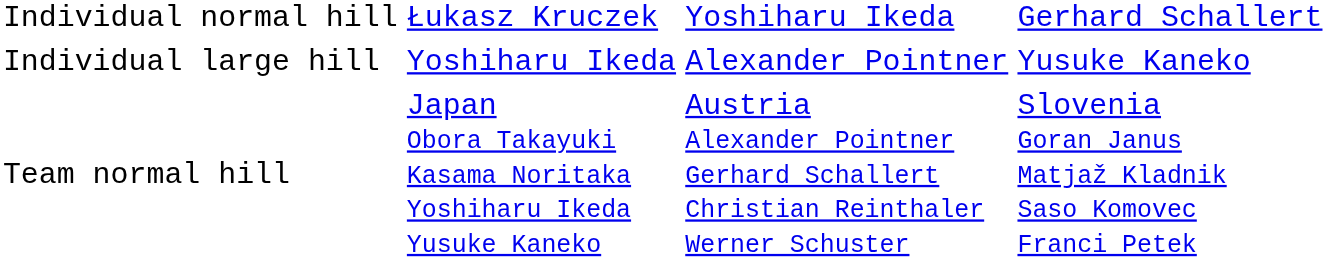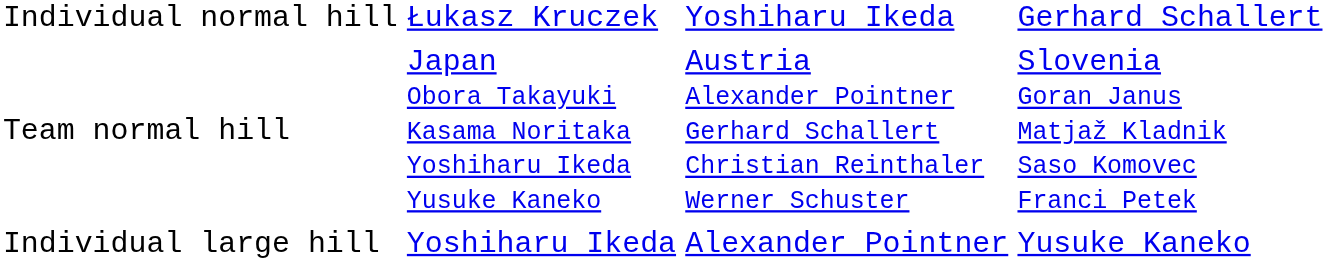 <table>
 <tr>
 <td>Individual normal hill<br></td>
 <td> <a href='#'>Łukasz Kruczek</a></td>
 <td> <a href='#'>Yoshiharu Ikeda</a></td>
 <td> <a href='#'>Gerhard Schallert</a></td>
 </tr>
 <tr>
+<td>Team normal hill<br></td>
+<td> <a href='#'>Japan</a><br><small><a href='#'>Obora Takayuki</a><br><a href='#'>Kasama Noritaka</a><br><a href='#'>Yoshiharu Ikeda</a><br><a href='#'>Yusuke Kaneko</a></small></td>
+<td> <a href='#'>Austria</a><br><small><a href='#'>Alexander Pointner</a><br><a href='#'>Gerhard Schallert</a><br><a href='#'>Christian Reinthaler</a><br><a href='#'>Werner Schuster</a></small></td>
+<td> <a href='#'>Slovenia</a><br><small><a href='#'>Goran Janus</a><br><a href='#'>Matjaž Kladnik</a><br><a href='#'>Saso Komovec</a><br><a href='#'>Franci Petek</a></small></td>
+</tr>
+<tr>
 <td>Individual large hill<br></td>
 <td> <a href='#'>Yoshiharu Ikeda</a></td>
 <td> <a href='#'>Alexander Pointner</a></td>
 <td> <a href='#'>Yusuke Kaneko</a></td>
 </tr>
-<tr>
-<td>Team normal hill<br></td>
-<td> <a href='#'>Japan</a><br><small><a href='#'>Obora Takayuki</a><br><a href='#'>Kasama Noritaka</a><br><a href='#'>Yoshiharu Ikeda</a><br><a href='#'>Yusuke Kaneko</a></small></td>
-<td> <a href='#'>Austria</a><br><small><a href='#'>Alexander Pointner</a><br><a href='#'>Gerhard Schallert</a><br><a href='#'>Christian Reinthaler</a><br><a href='#'>Werner Schuster</a></small></td>
-<td> <a href='#'>Slovenia</a><br><small><a href='#'>Goran Janus</a><br><a href='#'>Matjaž Kladnik</a><br><a href='#'>Saso Komovec</a><br><a href='#'>Franci Petek</a></small></td>
-</tr>
 </table>
